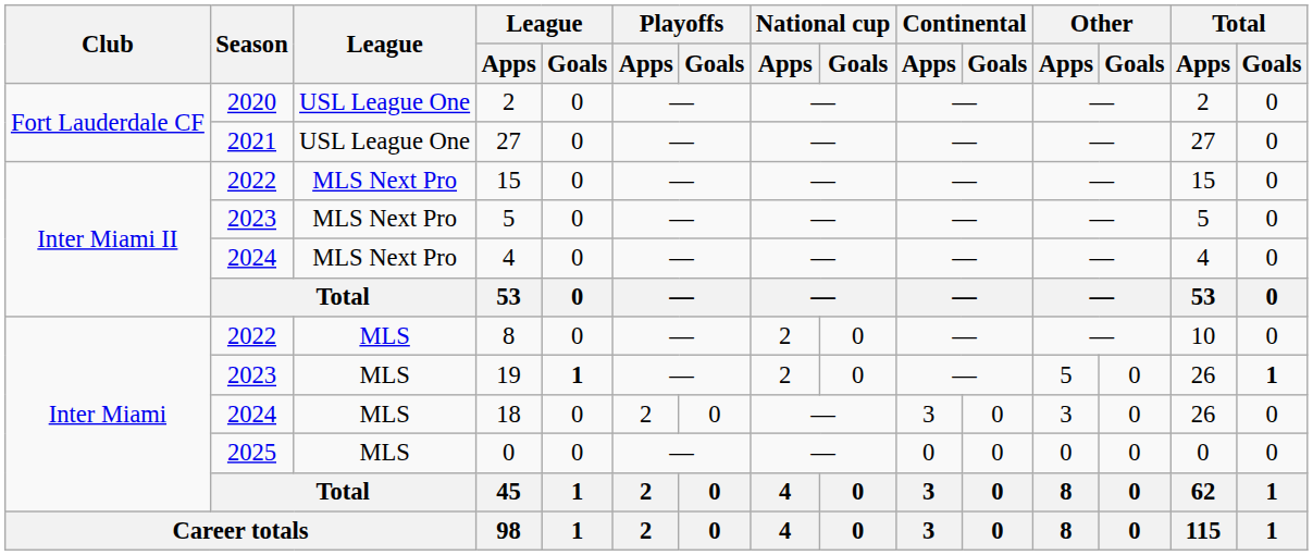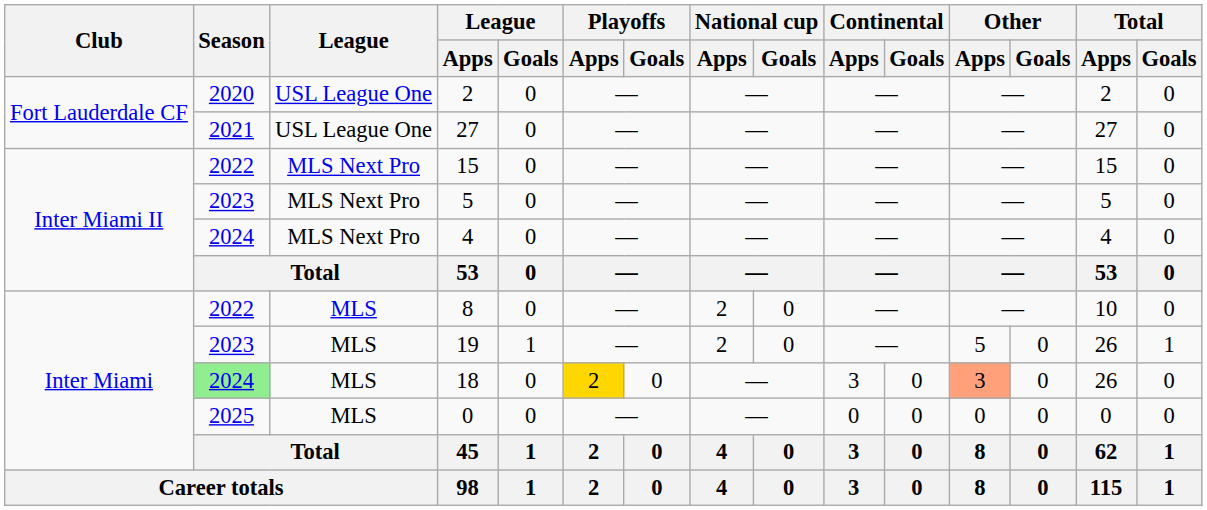 <table class="wikitable" Style="text-align: center">
 <tr>
 <th rowspan="2">Club</th>
 <th rowspan="2">Season</th>
 <th rowspan="2">League</th>
 <th colspan="2">League</th>
 <th colspan="2">Playoffs</th>
 <th colspan="2">National cup</th>
 <th colspan="2">Continental</th>
 <th colspan="2">Other</th>
 <th colspan="2">Total</th>
 </tr>
 <tr>
 <th>Apps</th>
 <th>Goals</th>
 <th>Apps</th>
 <th>Goals</th>
 <th>Apps</th>
 <th>Goals</th>
 <th>Apps</th>
 <th>Goals</th>
 <th>Apps</th>
 <th>Goals</th>
 <th>Apps</th>
 <th>Goals</th>
 </tr>
 <tr>
 <td rowspan="2"><a href='#'>Fort Lauderdale CF</a></td>
 <td><a href='#'>2020</a></td>
 <td><a href='#'>USL League One</a></td>
 <td>2</td>
 <td>0</td>
 <td colspan="2">—</td>
 <td colspan="2">—</td>
 <td colspan="2">—</td>
 <td colspan="2">—</td>
 <td>2</td>
 <td>0</td>
 </tr>
 <tr>
 <td><a href='#'>2021</a></td>
 <td>USL League One</td>
 <td>27</td>
 <td>0</td>
 <td colspan="2">—</td>
 <td colspan="2">—</td>
 <td colspan="2">—</td>
 <td colspan="2">—</td>
 <td>27</td>
 <td>0</td>
 </tr>
 <tr>
 <td rowspan="4"><a href='#'>Inter Miami II</a></td>
 <td><a href='#'>2022</a></td>
 <td><a href='#'>MLS Next Pro</a></td>
 <td>15</td>
 <td>0</td>
 <td colspan="2">—</td>
 <td colspan="2">—</td>
 <td colspan="2">—</td>
 <td colspan="2">—</td>
 <td>15</td>
 <td>0</td>
 </tr>
 <tr>
 <td><a href='#'>2023</a></td>
 <td>MLS Next Pro</td>
 <td>5</td>
 <td>0</td>
 <td colspan="2">—</td>
 <td colspan="2">—</td>
 <td colspan="2">—</td>
 <td colspan="2">—</td>
 <td>5</td>
 <td>0</td>
 </tr>
 <tr>
 <td><a href='#'>2024</a></td>
 <td>MLS Next Pro</td>
 <td>4</td>
 <td>0</td>
 <td colspan="2">—</td>
 <td colspan="2">—</td>
 <td colspan="2">—</td>
 <td colspan="2">—</td>
 <td>4</td>
 <td>0</td>
 </tr>
 <tr>
 <th colspan="2">Total</th>
 <th>53</th>
 <th>0</th>
 <th colspan="2">—</th>
 <th colspan="2">—</th>
 <th colspan="2">—</th>
 <th colspan="2">—</th>
 <th>53</th>
 <th>0</th>
 </tr>
 <tr>
 <td rowspan="5"><a href='#'>Inter Miami</a></td>
 <td><a href='#'>2022</a></td>
 <td><a href='#'>MLS</a></td>
 <td>8</td>
 <td>0</td>
 <td colspan="2">—</td>
 <td>2</td>
 <td>0</td>
 <td colspan="2">—</td>
 <td colspan="2">—</td>
 <td>10</td>
 <td>0</td>
 </tr>
 <tr>
 <td><a href='#'>2023</a></td>
 <td>MLS</td>
 <td>19</td>
-<td><strong>1</strong></td>
+<td>1</td>
 <td colspan="2">—</td>
 <td>2</td>
 <td>0</td>
 <td colspan="2">—</td>
 <td>5</td>
 <td>0</td>
 <td>26</td>
-<td><strong>1</strong></td>
+<td>1</td>
 </tr>
 <tr>
-<td><a href='#'>2024</a></td>
+<td style="background: lightgreen;"><a href='#'>2024</a></td>
 <td>MLS</td>
 <td>18</td>
 <td>0</td>
-<td>2</td>
+<td style="background: gold;">2</td>
 <td>0</td>
 <td colspan="2">—</td>
 <td>3</td>
 <td>0</td>
-<td>3</td>
+<td style="background: lightsalmon;">3</td>
 <td>0</td>
 <td>26</td>
 <td>0</td>
 </tr>
 <tr>
 <td><a href='#'>2025</a></td>
 <td>MLS</td>
 <td>0</td>
 <td>0</td>
 <td colspan="2">—</td>
 <td colspan="2">—</td>
 <td>0</td>
 <td>0</td>
 <td>0</td>
 <td>0</td>
 <td>0</td>
 <td>0</td>
 </tr>
 <tr>
 <th colspan="2">Total</th>
 <th>45</th>
 <th>1</th>
 <th>2</th>
 <th>0</th>
 <th>4</th>
 <th>0</th>
 <th>3</th>
 <th>0</th>
 <th>8</th>
 <th>0</th>
 <th>62</th>
 <th>1</th>
 </tr>
 <tr>
 <th colspan="3">Career totals</th>
 <th>98</th>
 <th>1</th>
 <th>2</th>
 <th>0</th>
 <th>4</th>
 <th>0</th>
 <th>3</th>
 <th>0</th>
 <th>8</th>
 <th>0</th>
 <th>115</th>
 <th>1</th>
 </tr>
 </table>
